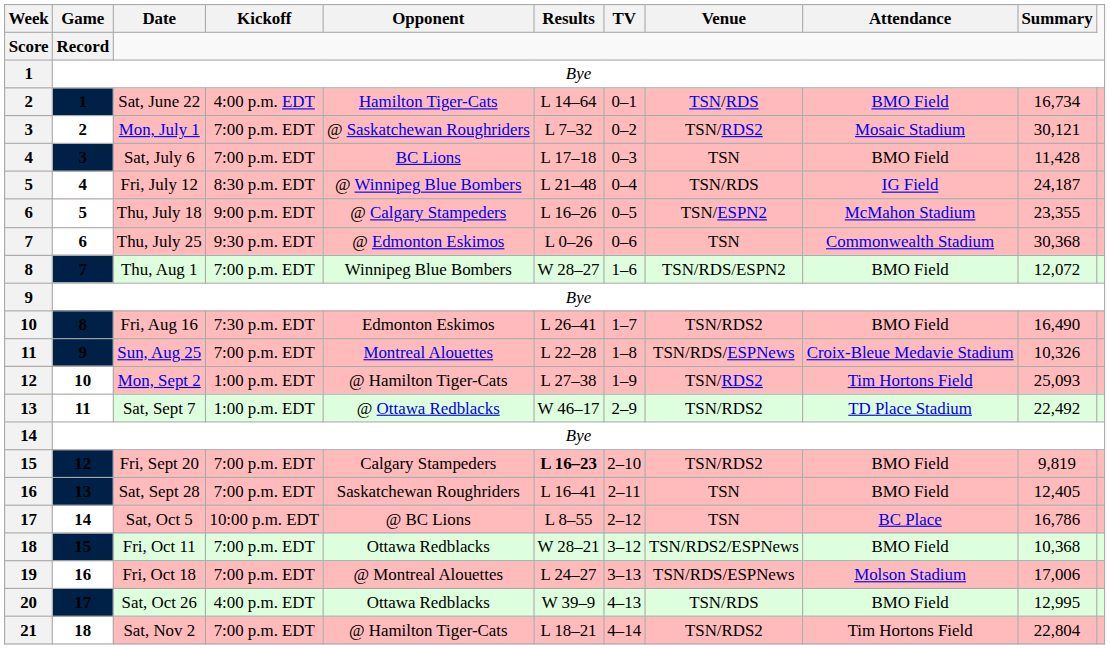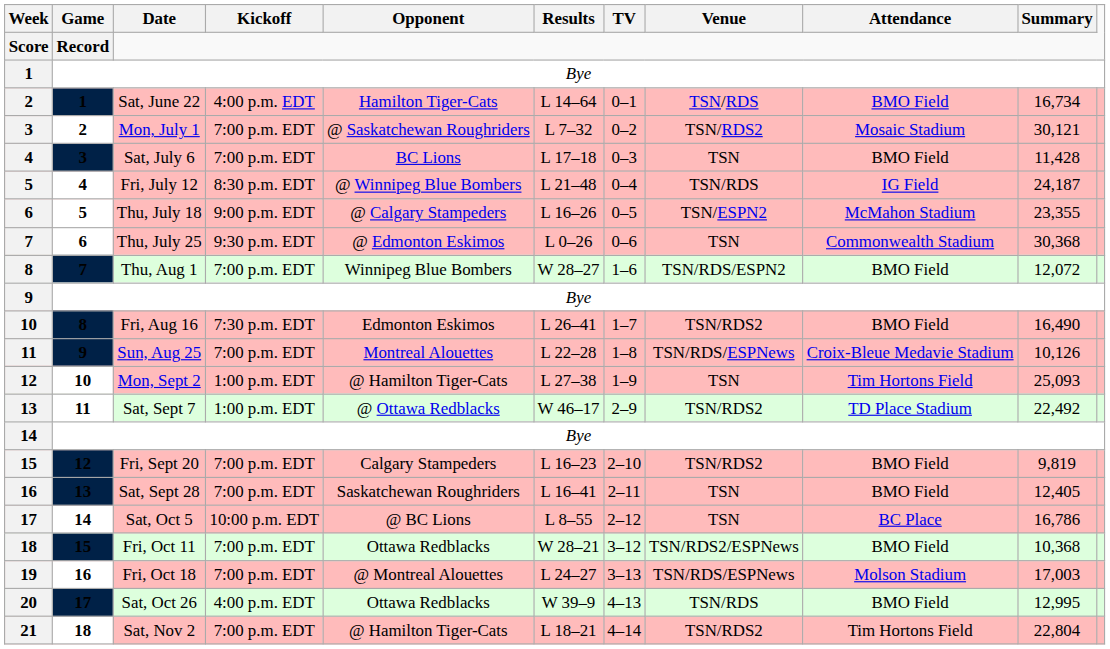 <table class="wikitable" style="font-size: 95%;">
 <tr>
 <th scope="col">Week</th>
 <th scope="col">Game</th>
 <th scope="col">Date</th>
 <th scope="col">Kickoff</th>
 <th scope="col">Opponent</th>
 <th scope="col">Results</th>
 <th scope="col">TV</th>
 <th scope="col">Venue</th>
 <th scope="col">Attendance</th>
 <th scope="col">Summary</th>
 </tr>
 <tr>
 <th scope="col">Score</th>
 <th scope="col">Record</th>
 </tr>
 <tr align="center"= bgcolor="ffffff">
 <th align="center"><strong>1</strong></th>
 <td colspan=10 align="center" valign="middle"><em>Bye</em></td>
 </tr>
 <tr align="center"= bgcolor="ffbbbb">
 <th align="center"><strong>2</strong></th>
 <th style="text-align:center; background:#002147;"><span><strong>1</strong></span></th>
 <td align="center">Sat, June 22</td>
 <td align="center">4:00 p.m. <a href='#'>EDT</a></td>
 <td align="center"><a href='#'>Hamilton Tiger-Cats</a></td>
 <td align="center">L 14–64</td>
 <td align="center">0–1</td>
 <td align="center"><a href='#'>TSN</a>/<a href='#'>RDS</a></td>
 <td align="center"><a href='#'>BMO Field</a></td>
 <td align="center">16,734</td>
 <td align="center"></td>
 </tr>
 <tr align="center"= bgcolor="ffbbbb">
 <th align="center"><strong>3</strong></th>
 <th style="text-align:center; background:white;"><span><strong>2</strong></span></th>
 <td align="center"><a href='#'>Mon, July 1</a></td>
 <td align="center">7:00 p.m. EDT</td>
 <td align="center">@ <a href='#'>Saskatchewan Roughriders</a></td>
 <td align="center">L 7–32</td>
 <td align="center">0–2</td>
 <td align="center">TSN/<a href='#'>RDS2</a></td>
 <td align="center"><a href='#'>Mosaic Stadium</a></td>
 <td align="center">30,121</td>
 <td align="center"></td>
 </tr>
 <tr align="center"= bgcolor="ffbbbb">
 <th align="center"><strong>4</strong></th>
 <th style="text-align:center; background:#002147;"><span><strong>3</strong></span></th>
 <td align="center">Sat, July 6</td>
 <td align="center">7:00 p.m. EDT</td>
 <td align="center"><a href='#'>BC Lions</a></td>
 <td align="center">L 17–18</td>
 <td align="center">0–3</td>
 <td align="center">TSN</td>
 <td align="center">BMO Field</td>
 <td align="center">11,428</td>
 <td align="center"></td>
 </tr>
 <tr align="center" bgcolor="ffbbbb">
 <th align="center"><strong>5</strong></th>
 <th style="text-align:center; background:white;"><span><strong>4</strong></span></th>
 <td align="center">Fri, July 12</td>
 <td align="center">8:30 p.m. EDT</td>
 <td align="center">@ <a href='#'>Winnipeg Blue Bombers</a></td>
 <td align="center">L 21–48</td>
 <td align="center">0–4</td>
 <td align="center">TSN/RDS</td>
 <td align="center"><a href='#'>IG Field</a></td>
 <td align="center">24,187</td>
 <td align="center"></td>
 </tr>
 <tr align="center" bgcolor="ffbbbb">
 <th align="center"><strong>6</strong></th>
 <th style="text-align:center; background:white;"><span><strong>5</strong></span></th>
 <td align="center">Thu, July 18</td>
 <td align="center">9:00 p.m. EDT</td>
 <td align="center">@ <a href='#'>Calgary Stampeders</a></td>
 <td align="center">L 16–26</td>
 <td align="center">0–5</td>
 <td align="center">TSN/<a href='#'>ESPN2</a></td>
 <td align="center"><a href='#'>McMahon Stadium</a></td>
 <td align="center">23,355</td>
 <td align="center"></td>
 </tr>
 <tr align="center" bgcolor="ffbbbb">
 <th align="center"><strong>7</strong></th>
 <th style="text-align:center; background:white;"><span><strong>6</strong></span></th>
 <td align="center">Thu, July 25</td>
 <td align="center">9:30 p.m. EDT</td>
 <td align="center">@ <a href='#'>Edmonton Eskimos</a></td>
 <td align="center">L 0–26</td>
 <td align="center">0–6</td>
 <td align="center">TSN</td>
 <td align="center"><a href='#'>Commonwealth Stadium</a></td>
 <td align="center">30,368</td>
 <td align="center"></td>
 </tr>
 <tr align="center" bgcolor="ddffdd">
 <th align="center"><strong>8</strong></th>
 <th style="text-align:center; background:#002147;"><span><strong>7</strong></span></th>
 <td align="center">Thu, Aug 1</td>
 <td align="center">7:00 p.m. EDT</td>
 <td align="center">Winnipeg Blue Bombers</td>
 <td align="center">W 28–27</td>
 <td align="center">1–6</td>
 <td align="center">TSN/RDS/ESPN2</td>
 <td align="center">BMO Field</td>
 <td align="center">12,072</td>
 <td align="center"></td>
 </tr>
 <tr align="center"= bgcolor="ffffff">
 <th align="center"><strong>9</strong></th>
 <td colspan=10 align="center" valign="middle"><em>Bye</em></td>
 </tr>
 <tr align="center"= bgcolor="ffbbbb">
 <th align="center"><strong>10</strong></th>
 <th style="text-align:center; background:#002147;"><span><strong>8</strong></span></th>
 <td align="center">Fri, Aug 16</td>
 <td align="center">7:30 p.m. EDT</td>
 <td align="center">Edmonton Eskimos</td>
 <td align="center">L 26–41</td>
 <td align="center">1–7</td>
 <td align="center">TSN/RDS2</td>
 <td align="center">BMO Field</td>
 <td align="center">16,490</td>
 <td align="center"></td>
 </tr>
 <tr align="center"= bgcolor="ffbbbb">
 <th align="center"><strong>11</strong></th>
 <th style="text-align:center; background:#002147;"><span><strong>9</strong></span></th>
 <td align="center"><a href='#'>Sun, Aug 25</a></td>
 <td align="center">7:00 p.m. EDT</td>
 <td align="center"><a href='#'>Montreal Alouettes</a></td>
 <td align="center">L 22–28</td>
 <td align="center">1–8</td>
 <td align="center">TSN/RDS/<a href='#'>ESPNews</a></td>
 <td align="center"><a href='#'>Croix-Bleue Medavie Stadium</a></td>
-<td align="center">10,326</td>
+<td align="center">10,126</td>
 <td align="center"></td>
 </tr>
 <tr align="center"= bgcolor="ffbbbb">
 <th align="center"><strong>12</strong></th>
 <th style="text-align:center; background:white;"><span><strong>10</strong></span></th>
 <td align="center"><a href='#'>Mon, Sept 2</a></td>
 <td align="center">1:00 p.m. EDT</td>
 <td align="center">@ Hamilton Tiger-Cats</td>
 <td align="center">L 27–38</td>
 <td align="center">1–9</td>
-<td align="center">TSN/<a href='#'>RDS2</a></td>
+<td align="center">TSN</td>
 <td align="center"><a href='#'>Tim Hortons Field</a></td>
 <td align="center">25,093</td>
 <td align="center"></td>
 </tr>
 <tr align="center"= bgcolor="ddffdd">
 <th align="center"><strong>13</strong></th>
 <th style="text-align:center; background:white;"><span><strong>11</strong></span></th>
 <td align="center">Sat, Sept 7</td>
 <td align="center">1:00 p.m. EDT</td>
 <td align="center">@ <a href='#'>Ottawa Redblacks</a></td>
 <td align="center">W 46–17</td>
 <td align="center">2–9</td>
 <td align="center">TSN/RDS2</td>
 <td align="center"><a href='#'>TD Place Stadium</a></td>
 <td align="center">22,492</td>
 <td align="center"></td>
 </tr>
 <tr align="center"= bgcolor="ffffff">
 <th align="center"><strong>14</strong></th>
 <td colspan=10 align="center" valign="middle"><em>Bye</em></td>
 </tr>
 <tr align="center"= bgcolor="ffbbbb">
 <th align="center"><strong>15</strong></th>
 <th style="text-align:center; background:#002147;"><span><strong>12</strong></span></th>
 <td align="center">Fri, Sept 20</td>
 <td align="center">7:00 p.m. EDT</td>
 <td align="center">Calgary Stampeders</td>
-<td align="center"><strong>L 16–23</strong></td>
+<td align="center">L 16–23</td>
 <td align="center">2–10</td>
 <td align="center">TSN/RDS2</td>
 <td align="center">BMO Field</td>
 <td align="center">9,819</td>
 <td align="center"></td>
 </tr>
 <tr align="center"= bgcolor="ffbbbb">
 <th align="center"><strong>16</strong></th>
 <th style="text-align:center; background:#002147;"><span><strong>13</strong></span></th>
 <td align="center">Sat, Sept 28</td>
 <td align="center">7:00 p.m. EDT</td>
 <td align="center">Saskatchewan Roughriders</td>
 <td align="center">L 16–41</td>
 <td align="center">2–11</td>
 <td align="center">TSN</td>
 <td align="center">BMO Field</td>
 <td align="center">12,405</td>
 <td align="center"></td>
 </tr>
 <tr align="center"= bgcolor="ffbbbb">
 <th align="center"><strong>17</strong></th>
 <th style="text-align:center; background:white;"><span><strong>14</strong></span></th>
 <td align="center">Sat, Oct 5</td>
 <td align="center">10:00 p.m. EDT</td>
 <td align="center">@ BC Lions</td>
 <td align="center">L 8–55</td>
 <td align="center">2–12</td>
 <td align="center">TSN</td>
 <td align="center"><a href='#'>BC Place</a></td>
 <td align="center">16,786</td>
 <td align="center"></td>
 </tr>
 <tr align="center"= bgcolor="ddffdd">
 <th align="center"><strong>18</strong></th>
 <th style="text-align:center; background:#002147;"><span><strong>15</strong></span></th>
 <td align="center">Fri, Oct 11</td>
 <td align="center">7:00 p.m. EDT</td>
 <td align="center">Ottawa Redblacks</td>
 <td align="center">W 28–21</td>
 <td align="center">3–12</td>
 <td align="center">TSN/RDS2/ESPNews</td>
 <td align="center">BMO Field</td>
 <td align="center">10,368</td>
 <td align="center"></td>
 </tr>
 <tr align="center"= bgcolor="ffbbbb">
 <th align="center"><strong>19</strong></th>
 <th style="text-align:center; background:white;"><span><strong>16</strong></span></th>
 <td align="center">Fri, Oct 18</td>
 <td align="center">7:00 p.m. EDT</td>
 <td align="center">@ Montreal Alouettes</td>
 <td align="center">L 24–27</td>
 <td align="center">3–13</td>
 <td align="center">TSN/RDS/ESPNews</td>
 <td align="center"><a href='#'>Molson Stadium</a></td>
-<td align="center">17,006</td>
+<td align="center">17,003</td>
 <td align="center"></td>
 </tr>
 <tr align="center"= bgcolor="ddffdd">
 <th align="center"><strong>20</strong></th>
 <th style="text-align:center; background:#002147;"><span><strong>17</strong></span></th>
 <td align="center">Sat, Oct 26</td>
 <td align="center">4:00 p.m. EDT</td>
 <td align="center">Ottawa Redblacks</td>
 <td align="center">W 39–9</td>
 <td align="center">4–13</td>
 <td align="center">TSN/RDS</td>
 <td align="center">BMO Field</td>
 <td align="center">12,995</td>
 <td align="center"></td>
 </tr>
 <tr align="center"= bgcolor="ffbbbb">
 <th align="center"><strong>21</strong></th>
 <th style="text-align:center; background:white;"><span><strong>18</strong></span></th>
 <td align="center">Sat, Nov 2</td>
 <td align="center">7:00 p.m. EDT</td>
 <td align="center">@ Hamilton Tiger-Cats</td>
 <td align="center">L 18–21</td>
 <td align="center">4–14</td>
 <td align="center">TSN/RDS2</td>
 <td align="center">Tim Hortons Field</td>
 <td align="center">22,804</td>
 <td align="center"></td>
 </tr>
 </table>
